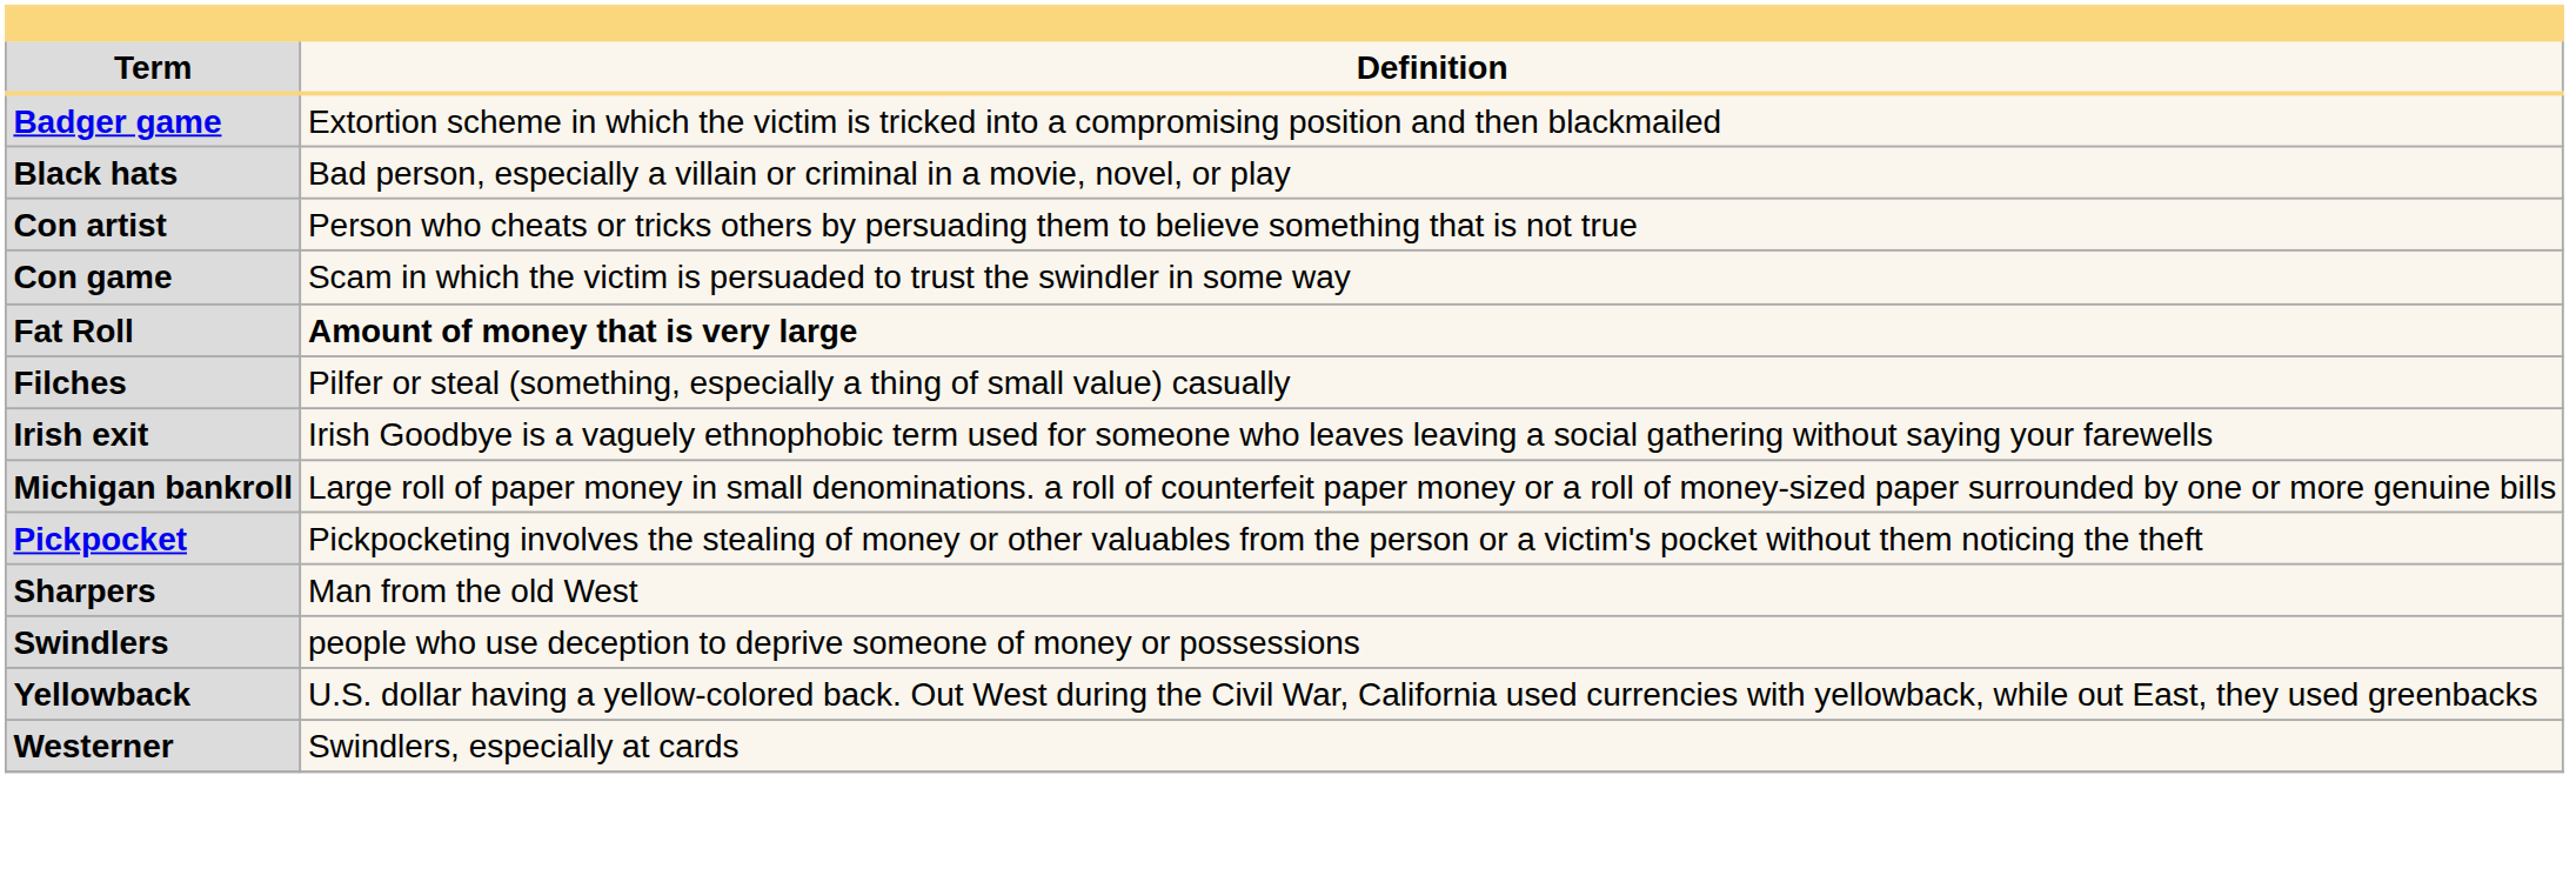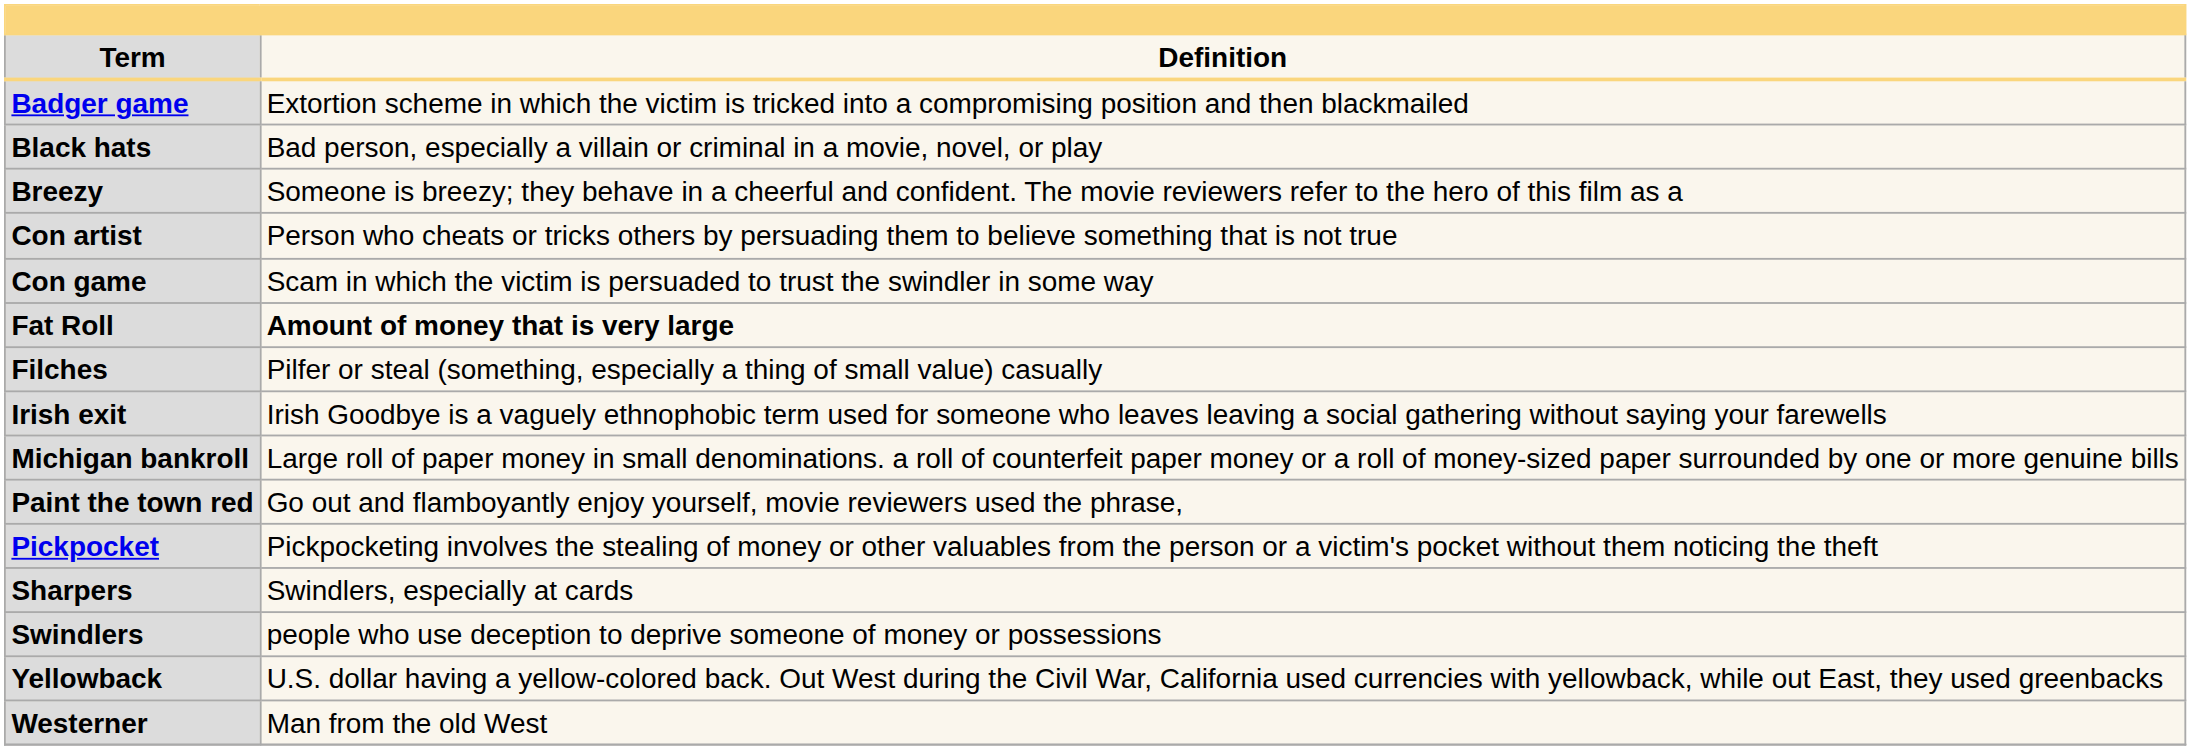 <table class="wikitable mw-collapsible mw-collapsed" style="background:#faf6ed; font-size:95%">
 <tr>
 <th colspan="2" style="border:1px solid #fad67d;background:#fad67d;padding:0.5em 1.0em;"></th>
 </tr>
 <tr>
 <th style="border-bottom:2px solid #fad67d;border-top:1px solid #fad67d;background:#DCDCDC">Term</th>
 <th style="border-bottom:2px solid #fad67d;border-top:1px solid #fad67d;background: #faf6ed">Definition</th>
 </tr>
 <tr>
 <td style="background:#DCDCDC"><strong><a href='#'>Badger game</a></strong></td>
 <td>Extortion scheme in which the victim is tricked into a compromising position and then blackmailed</td>
 </tr>
 <tr>
 <td style="background:#DCDCDC"><strong>Black hats</strong></td>
 <td>Bad person, especially a villain or criminal in a movie, novel, or play</td>
+</tr>
+<tr>
+<td style="background:#DCDCDC"><strong>Breezy</strong></td>
+<td>Someone is breezy; they behave in a cheerful and confident. The movie reviewers refer to the hero of this film as a </td>
 </tr>
 <tr>
 <td style="background:#DCDCDC"><strong>Con artist</strong></td>
 <td>Person who cheats or tricks others by persuading them to believe something that is not true</td>
 </tr>
 <tr>
 <td style="background:#DCDCDC"><strong>Con game</strong></td>
 <td>Scam in which the victim is persuaded to trust the swindler in some way</td>
 </tr>
 <tr>
 <td style="background:#DCDCDC"><strong>Fat Roll</strong></td>
 <td><strong>Amount of money that is very large</strong></td>
 </tr>
 <tr>
 <td style="background:#DCDCDC"><strong>Filches</strong></td>
 <td>Pilfer or steal (something, especially a thing of small value) casually</td>
 </tr>
 <tr>
 <td style="background:#DCDCDC"><strong>Irish exit</strong></td>
 <td>Irish Goodbye is a vaguely ethnophobic term used for someone who leaves leaving a social gathering without saying your farewells</td>
 </tr>
 <tr>
 <td style="background:#DCDCDC"><strong>Michigan bankroll</strong></td>
 <td>Large roll of paper money in small denominations. a roll of counterfeit paper money or a roll of money-sized paper surrounded by one or more genuine bills</td>
 </tr>
 <tr>
+<td style="background:#DCDCDC"><strong>Paint the town red</strong></td>
+<td>Go out and flamboyantly enjoy yourself, movie reviewers used the phrase, </td>
+</tr>
+<tr>
 <td style="background:#DCDCDC"><strong><a href='#'>Pickpocket</a></strong></td>
 <td>Pickpocketing involves the stealing of money or other valuables from the person or a victim's pocket without them noticing the theft</td>
 </tr>
 <tr>
 <td style="background:#DCDCDC"><strong>Sharpers</strong></td>
-<td>Man from the old West</td>
+<td>Swindlers, especially at cards</td>
 </tr>
 <tr>
 <td style="background:#DCDCDC"><strong>Swindlers</strong></td>
 <td>people who use deception to deprive someone of money or possessions</td>
 </tr>
 <tr>
 <td style="background:#DCDCDC"><strong>Yellowback</strong></td>
 <td>U.S. dollar having a yellow-colored back. Out West during the Civil War, California used currencies with yellowback, while out East, they used greenbacks</td>
 </tr>
 <tr>
 <td style="background:#DCDCDC"><strong>Westerner</strong></td>
-<td>Swindlers, especially at cards</td>
+<td>Man from the old West</td>
 </tr>
 <tr>
 </tr>
 </table>
